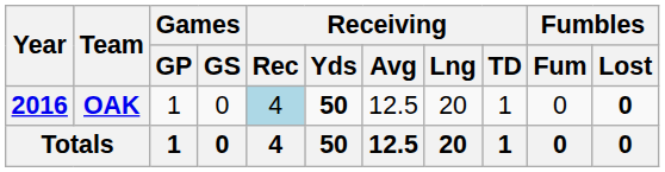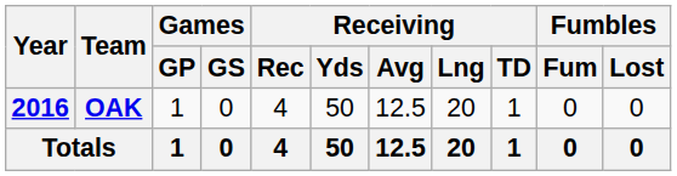 <table class=wikitable style="text-align:center;">
 <tr>
 <th rowspan="2">Year</th>
 <th rowspan="2">Team</th>
 <th colspan="2">Games</th>
 <th colspan="5">Receiving</th>
 <th colspan="2">Fumbles</th>
 </tr>
 <tr>
 <th>GP</th>
 <th>GS</th>
 <th>Rec</th>
 <th>Yds</th>
 <th>Avg</th>
 <th>Lng</th>
 <th>TD</th>
 <th>Fum</th>
 <th>Lost</th>
 </tr>
 <tr>
 <th><a href='#'>2016</a></th>
 <th><a href='#'>OAK</a></th>
 <td>1</td>
 <td>0</td>
-<td style="background: lightblue;">4</td>
-<td><strong>50</strong></td>
+<td>4</td>
+<td>50</td>
 <td>12.5</td>
 <td>20</td>
 <td>1</td>
 <td>0</td>
-<td><strong>0</strong></td>
+<td>0</td>
 </tr>
 <tr>
 <th colspan="2">Totals</th>
 <th>1</th>
 <th>0</th>
 <th>4</th>
 <th>50</th>
 <th>12.5</th>
 <th>20</th>
 <th>1</th>
 <th>0</th>
 <th>0</th>
 </tr>
 </table>
